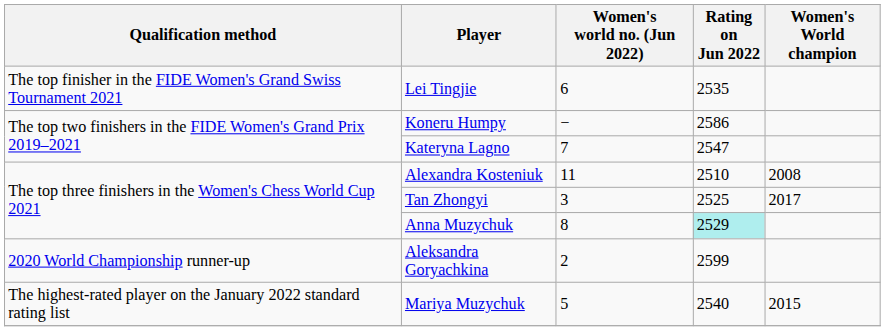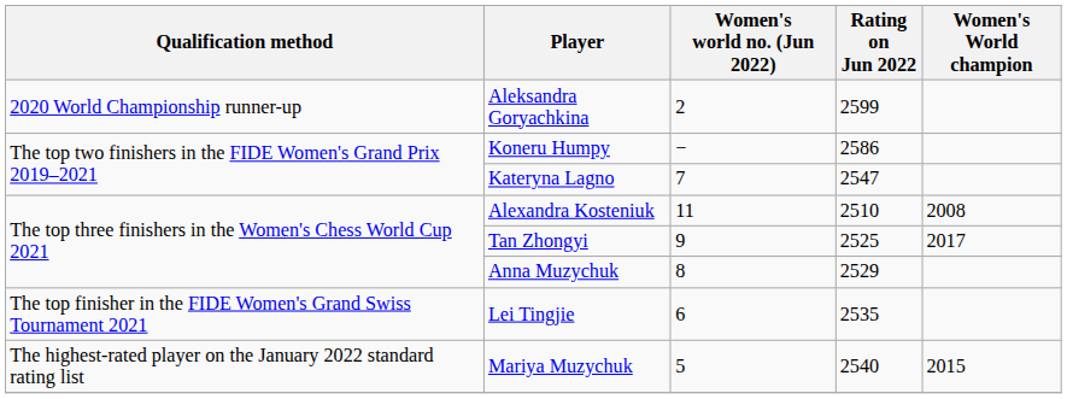 <table class="wikitable sortable" style="text-align: left;">
 <tr>
 <th>Qualification method</th>
 <th>Player</th>
 <th>Women's<br>world no. (Jun 2022)</th>
 <th>Rating on<br>Jun 2022</th>
 <th>Women's<br>World champion</th>
 </tr>
 <tr>
-<td>The top finisher in the <a href='#'>FIDE Women's Grand Swiss Tournament 2021</a></td>
-<td> <a href='#'>Lei Tingjie</a></td>
-<td>6</td>
-<td>2535</td>
+<td><a href='#'>2020 World Championship</a> runner-up</td>
+<td> <a href='#'>Aleksandra Goryachkina</a></td>
+<td>2</td>
+<td>2599</td>
 <td></td>
 </tr>
 <tr>
 <td rowspan="2">The top two finishers in the <a href='#'>FIDE Women's Grand Prix 2019–2021</a></td>
 <td> <a href='#'>Koneru Humpy</a></td>
 <td>−</td>
 <td>2586</td>
 <td></td>
 </tr>
 <tr>
 <td> <a href='#'>Kateryna Lagno</a></td>
 <td>7</td>
 <td>2547</td>
 <td></td>
 </tr>
 <tr>
 <td rowspan="3">The top three finishers in the <a href='#'>Women's Chess World Cup 2021</a></td>
 <td> <a href='#'>Alexandra Kosteniuk</a></td>
 <td>11</td>
 <td>2510</td>
 <td>2008</td>
 </tr>
 <tr>
 <td> <a href='#'>Tan Zhongyi</a></td>
-<td>3</td>
+<td>9</td>
 <td>2525</td>
 <td>2017</td>
 </tr>
 <tr>
 <td> <a href='#'>Anna Muzychuk</a></td>
 <td>8</td>
-<td style="background: paleturquoise;">2529</td>
+<td>2529</td>
 <td></td>
 </tr>
 <tr>
-<td><a href='#'>2020 World Championship</a> runner-up</td>
-<td> <a href='#'>Aleksandra Goryachkina</a></td>
-<td>2</td>
-<td>2599</td>
+<td>The top finisher in the <a href='#'>FIDE Women's Grand Swiss Tournament 2021</a></td>
+<td> <a href='#'>Lei Tingjie</a></td>
+<td>6</td>
+<td>2535</td>
 <td></td>
 </tr>
 <tr>
 <td>The highest-rated player on the January 2022 standard rating list</td>
 <td> <a href='#'>Mariya Muzychuk</a></td>
 <td>5</td>
 <td>2540</td>
 <td>2015</td>
 </tr>
 <tr>
 </tr>
 </table>
